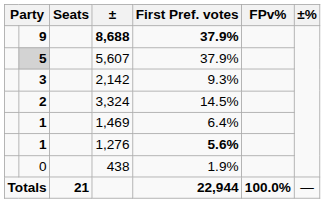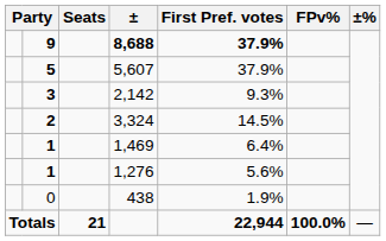 <table class=wikitable>
 <tr>
 <th colspan=2 align=center>Party</th>
 <th valign=top>Seats</th>
 <th valign=top>±</th>
 <th valign=top>First Pref. votes</th>
 <th valign=top>FPv%</th>
 <th valign=top>±%</th>
 </tr>
 <tr>
 <td></td>
 <td align=right><strong>9</strong></td>
 <td align=right></td>
 <td align=right><strong>8,688</strong></td>
 <td align=right><strong>37.9%</strong></td>
 <td align=right></td>
 </tr>
 <tr>
 <td></td>
-<td align=right style="background: lightgrey;"><strong>5</strong></td>
+<td align=right><strong>5</strong></td>
 <td align=right></td>
 <td align=right>5,607</td>
 <td align=right>37.9%</td>
 <td align=right></td>
 </tr>
 <tr>
 <td></td>
 <td align=right><strong>3</strong></td>
 <td align=right></td>
 <td align=right>2,142</td>
 <td align=right>9.3%</td>
 <td align=right></td>
 </tr>
 <tr>
 <td></td>
 <td align=right><strong>2</strong></td>
 <td align=right></td>
 <td align=right>3,324</td>
 <td align=right>14.5%</td>
 <td align=right></td>
 </tr>
 <tr>
 <td></td>
 <td align=right><strong>1</strong></td>
 <td align=right></td>
 <td align=right>1,469</td>
 <td align=right>6.4%</td>
 <td align=right></td>
 </tr>
 <tr>
 <td></td>
 <td align=right><strong>1</strong></td>
 <td align=right></td>
 <td align=right>1,276</td>
-<td align=right><strong>5.6%</strong></td>
+<td align=right>5.6%</td>
 <td align=right></td>
 </tr>
 <tr>
 <td></td>
 <td align=right>0</td>
 <td align=right></td>
 <td align=right>438</td>
 <td align=right>1.9%</td>
 <td align=right></td>
 </tr>
 <tr>
 <td colspan=2 align=center><strong>Totals</strong></td>
 <td align=right><strong>21</strong></td>
 <td align=center></td>
 <td align=right><strong>22,944</strong></td>
 <td align=center><strong>100.0%</strong></td>
 <td align=center>—</td>
 </tr>
 </table>
